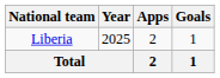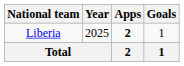 <table class="wikitable" style="text-align:center">
 <tr>
 <th>National team</th>
 <th>Year</th>
 <th>Apps</th>
 <th>Goals</th>
 </tr>
 <tr>
 <td><a href='#'>Liberia</a></td>
 <td>2025</td>
-<td>2</td>
+<td><strong>2</strong></td>
 <td>1</td>
 </tr>
 <tr>
 <th colspan="2">Total</th>
 <th>2</th>
 <th>1</th>
 </tr>
 </table>
